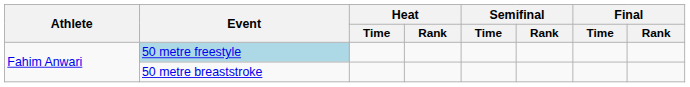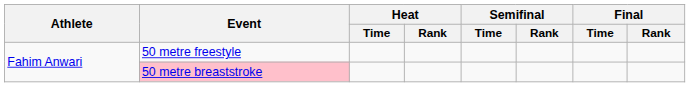 <table class="wikitable" style="text-align:center; font-size:90%; width:50%;">
 <tr>
 <th rowspan="2">Athlete</th>
 <th rowspan="2">Event</th>
 <th colspan="2">Heat</th>
 <th colspan="2">Semifinal</th>
 <th colspan="2">Final</th>
 </tr>
 <tr style="font-size:95%">
 <th>Time</th>
 <th>Rank</th>
 <th>Time</th>
 <th>Rank</th>
 <th>Time</th>
 <th>Rank</th>
 </tr>
 <tr>
 <td align=left rowspan=2><a href='#'>Fahim Anwari</a></td>
-<td align=left style="background: lightblue;"><a href='#'>50 metre freestyle</a></td>
+<td align=left><a href='#'>50 metre freestyle</a></td>
 <td></td>
 <td></td>
 <td></td>
 <td></td>
 <td></td>
 <td></td>
 </tr>
 <tr>
-<td align=left><a href='#'>50 metre breaststroke</a></td>
+<td align=left style="background: pink;"><a href='#'>50 metre breaststroke</a></td>
 <td></td>
 <td></td>
 <td></td>
 <td></td>
 <td></td>
 <td></td>
 </tr>
 </table>
